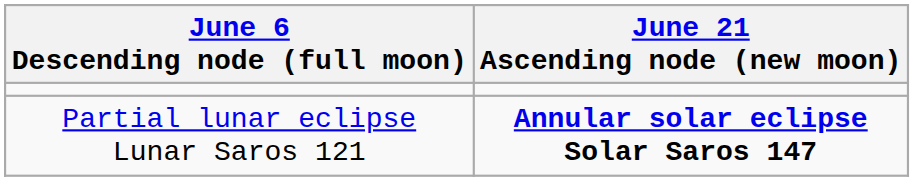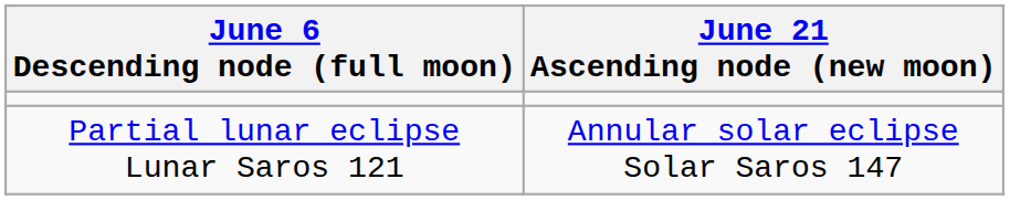 <table class="wikitable">
 <tr>
 <th><a href='#'>June 6</a><br>Descending node (full moon)<br></th>
 <th><a href='#'>June 21</a><br>Ascending node (new moon)<br></th>
 </tr>
 <tr>
 <td></td>
 <td></td>
 </tr>
 <tr align=center>
 <td><a href='#'>Partial lunar eclipse</a><br>Lunar Saros 121</td>
-<td><strong><a href='#'>Annular solar eclipse</a><br>Solar Saros 147</strong></td>
+<td><a href='#'>Annular solar eclipse</a><br>Solar Saros 147</td>
 </tr>
 </table>
